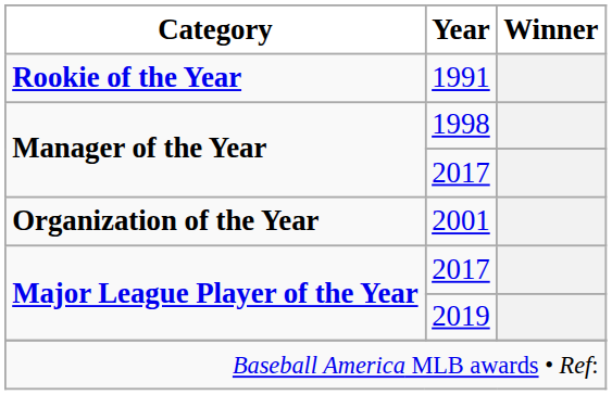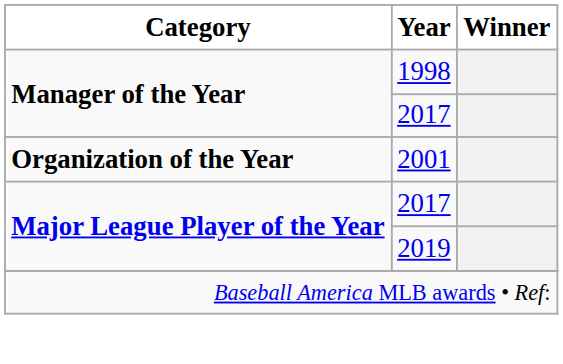 <table class="wikitable sortable plainrowheaders" style="font-size: 90%; style="text-align:center">
 <tr>
 <th scope="col" style="background-color:#ffffff; border-top:#">Category</th>
 <th scope="col" style="background-color:#ffffff; border-top:#">Year</th>
 <th scope="col" style="background-color:#ffffff; border-top:#">Winner</th>
-</tr>
-<tr>
-<td style="text-align:left"><strong><a href='#'>Rookie of the Year</a></strong></td>
-<td style="text-align:center"><a href='#'>1991</a></td>
-<th scope="row" style="text-align:center"><strong></strong></th>
 </tr>
 <tr>
 <td scope="row" rowspan="2" style="text-align:left"><strong>Manager of the Year</strong></td>
 <td style="text-align:center"><a href='#'>1998</a></td>
 <th scope="row" style="text-align:center"><strong></strong></th>
 </tr>
 <tr>
 <td style="text-align:center"><a href='#'>2017</a></td>
 <th scope="row" style="text-align:center"><strong></strong></th>
 </tr>
 <tr>
 <td style="text-align:left"><strong>Organization of the Year</strong></td>
 <td style="text-align:center"><a href='#'>2001</a></td>
 <th scope="row" style="text-align:center"><strong></strong></th>
 </tr>
 <tr>
 <td scope="row" rowspan="2" style="text-align:left"><strong><a href='#'>Major League Player of the Year</a></strong></td>
 <td style="text-align:center"><a href='#'>2017</a></td>
 <th scope="row" style="text-align:center"><strong></strong></th>
 </tr>
 <tr>
 <td style="text-align:center"><a href='#'>2019</a></td>
 <th scope="row" style="text-align:center"><strong></strong></th>
 </tr>
 <tr>
 </tr>
 <tr class="sortbottom">
 <td style="text-align:right"; colspan="3"><small><a href='#'><em>Baseball America</em> MLB awards</a> • <em>Ref</em>:</small></td>
 </tr>
 </table>
